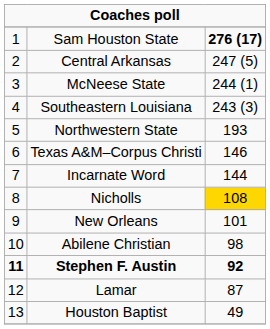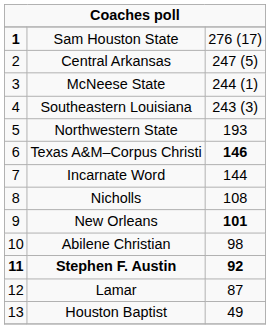 <table class="wikitable">
 <tr align="center">
 <td align="center" Colspan="3"><strong>Coaches poll</strong></td>
 </tr>
 <tr align="center">
 </tr>
 <tr align="center">
-<td>1</td>
+<td><strong>1</strong></td>
 <td>Sam Houston State</td>
-<td><strong>276 (17)</strong></td>
+<td>276 (17)</td>
 </tr>
 <tr align="center">
 <td>2</td>
 <td>Central Arkansas</td>
 <td>247 (5)</td>
 </tr>
 <tr align="center">
 <td>3</td>
 <td>McNeese State</td>
 <td>244 (1)</td>
 </tr>
 <tr align="center">
 <td>4</td>
 <td>Southeastern Louisiana</td>
 <td>243 (3)</td>
 </tr>
 <tr align="center">
 <td>5</td>
 <td>Northwestern State</td>
 <td>193</td>
 </tr>
 <tr align="center">
 <td>6</td>
 <td>Texas A&M–Corpus Christi</td>
-<td>146</td>
+<td><strong>146</strong></td>
 </tr>
 <tr align="center">
 <td>7</td>
 <td>Incarnate Word</td>
 <td>144</td>
 </tr>
 <tr align="center">
 <td>8</td>
 <td>Nicholls</td>
-<td style="background: gold;">108</td>
+<td>108</td>
 </tr>
 <tr align="center">
 <td>9</td>
 <td>New Orleans</td>
-<td>101</td>
+<td><strong>101</strong></td>
 </tr>
 <tr align="center">
 <td>10</td>
 <td>Abilene Christian</td>
 <td>98</td>
 </tr>
 <tr align="center">
 <td><strong>11</strong></td>
 <td><strong>Stephen F. Austin</strong></td>
 <td><strong>92</strong></td>
 </tr>
 <tr align="center">
 <td>12</td>
 <td>Lamar</td>
 <td>87</td>
 </tr>
 <tr align="center">
 <td>13</td>
 <td>Houston Baptist</td>
 <td>49</td>
 </tr>
 <tr align="center">
 </tr>
 </table>
